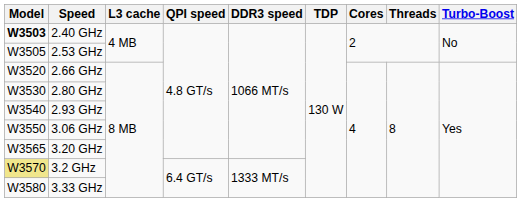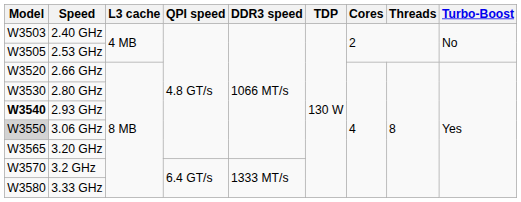 <table class="wikitable sortable">
 <tr>
 <th scope="col">Model</th>
 <th scope="col">Speed</th>
 <th scope="col">L3 cache</th>
 <th scope="col">QPI speed</th>
 <th scope="col">DDR3 speed</th>
 <th scope="col">TDP</th>
 <th scope="col">Cores</th>
 <th scope="col">Threads</th>
 <th scope="col"><a href='#'>Turbo-Boost</a></th>
 </tr>
 <tr>
-<td><strong>W3503</strong></td>
+<td>W3503</td>
 <td>2.40 GHz</td>
 <td rowspan="2">4 MB</td>
 <td rowspan="7">4.8 GT/s</td>
 <td rowspan="7">1066 MT/s</td>
 <td rowspan="9">130 W</td>
 <td colspan="2" rowspan="2">2</td>
 <td rowspan="2">No</td>
 </tr>
 <tr>
 <td>W3505</td>
 <td>2.53 GHz</td>
 </tr>
 <tr>
 <td>W3520</td>
 <td>2.66 GHz</td>
 <td rowspan="7">8 MB</td>
 <td rowspan="7">4</td>
 <td rowspan="7">8</td>
 <td rowspan="7">Yes</td>
 </tr>
 <tr>
 <td>W3530</td>
 <td>2.80 GHz</td>
 </tr>
 <tr>
-<td>W3540</td>
+<td><strong>W3540</strong></td>
 <td>2.93 GHz</td>
 </tr>
 <tr>
-<td>W3550</td>
+<td style="background: lightgrey;">W3550</td>
 <td>3.06 GHz</td>
 </tr>
 <tr>
 <td>W3565</td>
 <td>3.20 GHz</td>
 </tr>
 <tr>
-<td style="background: khaki;">W3570</td>
+<td>W3570</td>
 <td>3.2 GHz</td>
 <td rowspan="2">6.4 GT/s</td>
 <td rowspan="2">1333 MT/s</td>
 </tr>
 <tr>
 <td>W3580</td>
 <td>3.33 GHz</td>
 </tr>
 </table>
